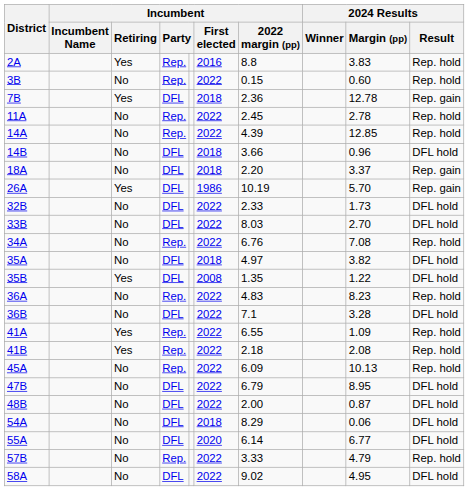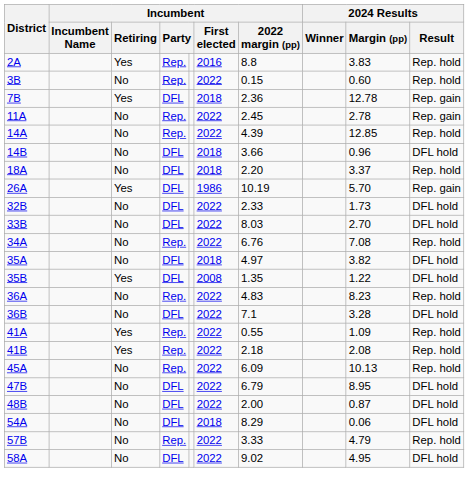 <table class="wikitable sortable mw-collapsible">
 <tr>
 <th rowspan="2">District</th>
 <th colspan="6">Incumbent</th>
 <th colspan="3">2024 Results</th>
 </tr>
 <tr>
 <th>Incumbent<br>Name</th>
 <th>Retiring</th>
 <th colspan="2">Party</th>
 <th>First<br>elected</th>
 <th>2022<br>margin <small>(pp)</small></th>
 <th>Winner</th>
 <th>Margin <small>(pp)</small></th>
 <th>Result</th>
 </tr>
 <tr>
 <td><a href='#'>2A</a></td>
 <td></td>
 <td>Yes</td>
 <td><a href='#'>Rep.</a></td>
 <td style="background-color:"></td>
 <td><a href='#'>2016</a></td>
 <td>8.8</td>
 <td></td>
 <td>3.83</td>
 <td>Rep. hold</td>
 </tr>
 <tr>
 <td><a href='#'>3B</a></td>
 <td></td>
 <td>No</td>
 <td><a href='#'>Rep.</a></td>
 <td style="background-color:"></td>
 <td><a href='#'>2022</a></td>
 <td>0.15</td>
 <td></td>
 <td>0.60</td>
 <td>Rep. hold</td>
 </tr>
 <tr>
 <td><a href='#'>7B</a></td>
 <td></td>
 <td>Yes</td>
 <td><a href='#'>DFL</a></td>
 <td style="background-color:"></td>
 <td><a href='#'>2018</a></td>
 <td>2.36</td>
 <td></td>
 <td>12.78</td>
 <td>Rep. gain</td>
 </tr>
 <tr>
 <td><a href='#'>11A</a></td>
 <td></td>
 <td>No</td>
 <td><a href='#'>Rep.</a></td>
 <td style="background-color:"></td>
 <td><a href='#'>2022</a></td>
 <td>2.45</td>
 <td></td>
 <td>2.78</td>
-<td>Rep. hold</td>
+<td>Rep. gain</td>
 </tr>
 <tr>
 <td><a href='#'>14A</a></td>
 <td></td>
 <td>No</td>
 <td><a href='#'>Rep.</a></td>
 <td style="background-color:"></td>
 <td><a href='#'>2022</a></td>
 <td>4.39</td>
 <td></td>
 <td>12.85</td>
 <td>Rep. hold</td>
 </tr>
 <tr>
 <td><a href='#'>14B</a></td>
 <td></td>
 <td>No</td>
 <td><a href='#'>DFL</a></td>
 <td style="background-color:"></td>
 <td><a href='#'>2018</a></td>
 <td>3.66</td>
 <td></td>
 <td>0.96</td>
 <td>DFL hold</td>
 </tr>
 <tr>
 <td><a href='#'>18A</a></td>
 <td></td>
 <td>No</td>
 <td><a href='#'>DFL</a></td>
 <td style="background-color:"></td>
 <td><a href='#'>2018</a></td>
 <td>2.20</td>
 <td></td>
 <td>3.37</td>
-<td>Rep. gain</td>
+<td>Rep. hold</td>
 </tr>
 <tr>
 <td><a href='#'>26A</a></td>
 <td></td>
 <td>Yes</td>
 <td><a href='#'>DFL</a></td>
 <td style="background-color:"></td>
 <td><a href='#'>1986</a></td>
 <td>10.19</td>
 <td></td>
 <td>5.70</td>
 <td>Rep. gain</td>
 </tr>
 <tr>
 <td><a href='#'>32B</a></td>
 <td></td>
 <td>No</td>
 <td><a href='#'>DFL</a></td>
 <td style="background-color:"></td>
 <td><a href='#'>2022</a></td>
 <td>2.33</td>
 <td></td>
 <td>1.73</td>
 <td>DFL hold</td>
 </tr>
 <tr>
 <td><a href='#'>33B</a></td>
 <td></td>
 <td>No</td>
 <td><a href='#'>DFL</a></td>
 <td style="background-color:"></td>
 <td><a href='#'>2022</a></td>
 <td>8.03</td>
 <td></td>
 <td>2.70</td>
 <td>DFL hold</td>
 </tr>
 <tr>
 <td><a href='#'>34A</a></td>
 <td></td>
 <td>No</td>
 <td><a href='#'>Rep.</a></td>
 <td style="background-color:"></td>
 <td><a href='#'>2022</a></td>
 <td>6.76</td>
 <td></td>
 <td>7.08</td>
 <td>Rep. hold</td>
 </tr>
 <tr>
 <td><a href='#'>35A</a></td>
 <td></td>
 <td>No</td>
 <td><a href='#'>DFL</a></td>
 <td style="background-color:"></td>
 <td><a href='#'>2018</a></td>
 <td>4.97</td>
 <td></td>
 <td>3.82</td>
 <td>DFL hold</td>
 </tr>
 <tr>
 <td><a href='#'>35B</a></td>
 <td></td>
 <td>Yes</td>
 <td><a href='#'>DFL</a></td>
 <td style="background-color:"></td>
 <td><a href='#'>2008</a></td>
 <td>1.35</td>
 <td></td>
 <td>1.22</td>
 <td>DFL hold</td>
 </tr>
 <tr>
 <td><a href='#'>36A</a></td>
 <td></td>
 <td>No</td>
 <td><a href='#'>Rep.</a></td>
 <td style="background-color:"></td>
 <td><a href='#'>2022</a></td>
 <td>4.83</td>
 <td></td>
 <td>8.23</td>
 <td>Rep. hold</td>
 </tr>
 <tr>
 <td><a href='#'>36B</a></td>
 <td></td>
 <td>No</td>
 <td><a href='#'>DFL</a></td>
 <td style="background-color:"></td>
 <td><a href='#'>2022</a></td>
 <td>7.1</td>
 <td></td>
 <td>3.28</td>
 <td>DFL hold</td>
 </tr>
 <tr>
 <td><a href='#'>41A</a></td>
 <td></td>
 <td>Yes</td>
 <td><a href='#'>Rep.</a></td>
 <td style="background-color:"></td>
 <td><a href='#'>2022</a></td>
-<td>6.55</td>
+<td>0.55</td>
 <td></td>
 <td>1.09</td>
 <td>Rep. hold</td>
 </tr>
 <tr>
 <td><a href='#'>41B</a></td>
 <td></td>
 <td>Yes</td>
 <td><a href='#'>Rep.</a></td>
 <td style="background-color:"></td>
 <td><a href='#'>2022</a></td>
 <td>2.18</td>
 <td></td>
 <td>2.08</td>
 <td>Rep. hold</td>
 </tr>
 <tr>
 <td><a href='#'>45A</a></td>
 <td></td>
 <td>No</td>
 <td><a href='#'>Rep.</a></td>
 <td style="background-color:"></td>
 <td><a href='#'>2022</a></td>
 <td>6.09</td>
 <td></td>
 <td>10.13</td>
 <td>Rep. hold</td>
 </tr>
 <tr>
 <td><a href='#'>47B</a></td>
 <td></td>
 <td>No</td>
 <td><a href='#'>DFL</a></td>
 <td style="background-color:"></td>
 <td><a href='#'>2022</a></td>
 <td>6.79</td>
 <td></td>
 <td>8.95</td>
 <td>DFL hold</td>
 </tr>
 <tr>
 <td><a href='#'>48B</a></td>
 <td></td>
 <td>No</td>
 <td><a href='#'>DFL</a></td>
 <td style="background-color:"></td>
 <td><a href='#'>2022</a></td>
 <td>2.00</td>
 <td></td>
 <td>0.87</td>
 <td>DFL hold</td>
 </tr>
 <tr>
 <td><a href='#'>54A</a></td>
 <td></td>
 <td>No</td>
 <td><a href='#'>DFL</a></td>
 <td style="background-color:"></td>
 <td><a href='#'>2018</a></td>
 <td>8.29</td>
 <td></td>
 <td>0.06</td>
 <td>DFL hold</td>
 </tr>
 <tr>
-<td><a href='#'>55A</a></td>
-<td></td>
-<td>No</td>
-<td><a href='#'>DFL</a></td>
-<td style="background-color:"></td>
-<td><a href='#'>2020</a></td>
-<td>6.14</td>
-<td></td>
-<td>6.77</td>
-<td>DFL hold</td>
-</tr>
-<tr>
 <td><a href='#'>57B</a></td>
 <td></td>
 <td>No</td>
 <td><a href='#'>Rep.</a></td>
 <td style="background-color:"></td>
 <td><a href='#'>2022</a></td>
 <td>3.33</td>
 <td></td>
 <td>4.79</td>
 <td>Rep. hold</td>
 </tr>
 <tr>
 <td><a href='#'>58A</a></td>
 <td></td>
 <td>No</td>
 <td><a href='#'>DFL</a></td>
 <td style="background-color:"></td>
 <td><a href='#'>2022</a></td>
 <td>9.02</td>
 <td></td>
 <td>4.95</td>
 <td>DFL hold</td>
 </tr>
 </table>
